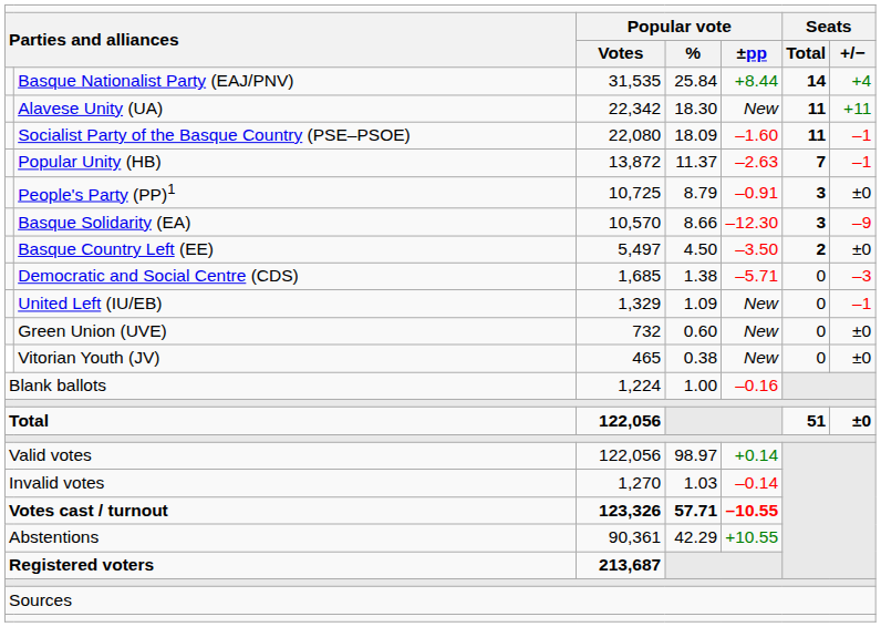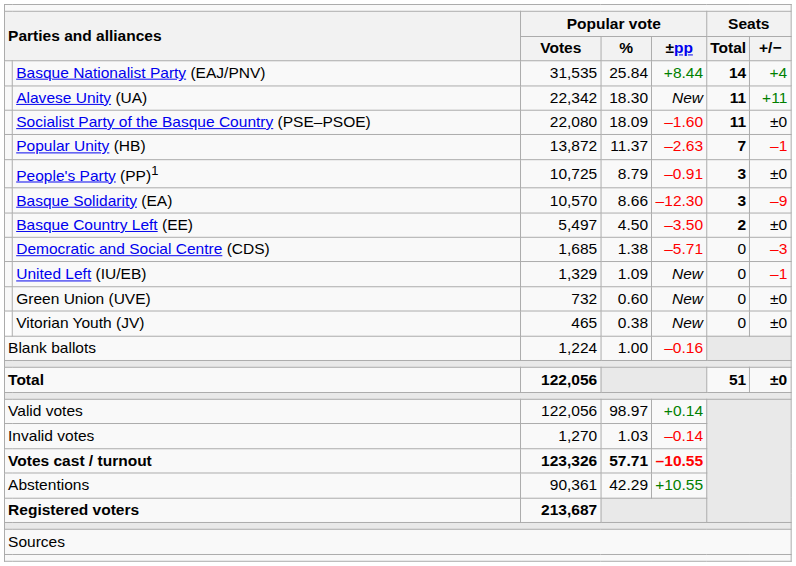 <table class="wikitable" style="text-align:right;">
 <tr>
 <td colspan="7"></td>
 </tr>
 <tr>
 <th style="text-align:left;" rowspan="2" colspan="2" width="525">Parties and alliances</th>
 <th colspan="3">Popular vote</th>
 <th colspan="2">Seats</th>
 </tr>
 <tr>
 <th width="75">Votes</th>
 <th width="45">%</th>
 <th width="45">±<a href='#'>pp</a></th>
 <th width="35">Total</th>
 <th width="35">+/−</th>
 </tr>
 <tr>
 <td width="1" style="color:inherit;background:"></td>
 <td align="left"><a href='#'>Basque Nationalist Party</a> (EAJ/PNV)</td>
 <td>31,535</td>
 <td>25.84</td>
 <td style="color:green;">+8.44</td>
 <td><strong>14</strong></td>
 <td style="color:green;">+4</td>
 </tr>
 <tr>
 <td style="color:inherit;background:"></td>
 <td align="left"><a href='#'>Alavese Unity</a> (UA)</td>
 <td>22,342</td>
 <td>18.30</td>
 <td><em>New</em></td>
 <td><strong>11</strong></td>
 <td style="color:green;">+11</td>
 </tr>
 <tr>
 <td style="color:inherit;background:"></td>
 <td align="left"><a href='#'>Socialist Party of the Basque Country</a> (PSE–PSOE)</td>
 <td>22,080</td>
 <td>18.09</td>
 <td style="color:red;">–1.60</td>
 <td><strong>11</strong></td>
-<td style="color:red;">–1</td>
+<td>±0</td>
 </tr>
 <tr>
 <td style="color:inherit;background:"></td>
 <td align="left"><a href='#'>Popular Unity</a> (HB)</td>
 <td>13,872</td>
 <td>11.37</td>
 <td style="color:red;">–2.63</td>
 <td><strong>7</strong></td>
 <td style="color:red;">–1</td>
 </tr>
 <tr>
 <td style="color:inherit;background:"></td>
 <td align="left"><a href='#'>People's Party</a> (PP)<sup>1</sup></td>
 <td>10,725</td>
 <td>8.79</td>
 <td style="color:red;">–0.91</td>
 <td><strong>3</strong></td>
 <td>±0</td>
 </tr>
 <tr>
 <td style="color:inherit;background:"></td>
 <td align="left"><a href='#'>Basque Solidarity</a> (EA)</td>
 <td>10,570</td>
 <td>8.66</td>
 <td style="color:red;">–12.30</td>
 <td><strong>3</strong></td>
 <td style="color:red;">–9</td>
 </tr>
 <tr>
 <td style="color:inherit;background:"></td>
 <td align="left"><a href='#'>Basque Country Left</a> (EE)</td>
 <td>5,497</td>
 <td>4.50</td>
 <td style="color:red;">–3.50</td>
 <td><strong>2</strong></td>
 <td>±0</td>
 </tr>
 <tr>
 <td style="color:inherit;background:"></td>
 <td align="left"><a href='#'>Democratic and Social Centre</a> (CDS)</td>
 <td>1,685</td>
 <td>1.38</td>
 <td style="color:red;">–5.71</td>
 <td>0</td>
 <td style="color:red;">–3</td>
 </tr>
 <tr>
 <td style="color:inherit;background:"></td>
 <td align="left"><a href='#'>United Left</a> (IU/EB)</td>
 <td>1,329</td>
 <td>1.09</td>
 <td><em>New</em></td>
 <td>0</td>
 <td style="color:red;">–1</td>
 </tr>
 <tr>
 <td style="color:inherit;background:"></td>
 <td align="left">Green Union (UVE)</td>
 <td>732</td>
 <td>0.60</td>
 <td><em>New</em></td>
 <td>0</td>
 <td>±0</td>
 </tr>
 <tr>
 <td bgcolor="white"></td>
 <td align="left">Vitorian Youth (JV)</td>
 <td>465</td>
 <td>0.38</td>
 <td><em>New</em></td>
 <td>0</td>
 <td>±0</td>
 </tr>
 <tr>
 <td align="left" colspan="2">Blank ballots</td>
 <td>1,224</td>
 <td>1.00</td>
 <td style="color:red;">–0.16</td>
 <td bgcolor="#E9E9E9" colspan="2"></td>
 </tr>
 <tr>
 <td colspan="7" bgcolor="#E9E9E9"></td>
 </tr>
 <tr style="font-weight:bold;">
 <td align="left" colspan="2">Total</td>
 <td>122,056</td>
 <td bgcolor="#E9E9E9" colspan="2"></td>
 <td>51</td>
 <td>±0</td>
 </tr>
 <tr>
 <td colspan="7" bgcolor="#E9E9E9"></td>
 </tr>
 <tr>
 <td align="left" colspan="2">Valid votes</td>
 <td>122,056</td>
 <td>98.97</td>
 <td style="color:green;">+0.14</td>
 <td bgcolor="#E9E9E9" colspan="2" rowspan="5"></td>
 </tr>
 <tr>
 <td align="left" colspan="2">Invalid votes</td>
 <td>1,270</td>
 <td>1.03</td>
 <td style="color:red;">–0.14</td>
 </tr>
 <tr style="font-weight:bold;">
 <td align="left" colspan="2">Votes cast / turnout</td>
 <td>123,326</td>
 <td>57.71</td>
 <td style="color:red;">–10.55</td>
 </tr>
 <tr>
 <td align="left" colspan="2">Abstentions</td>
 <td>90,361</td>
 <td>42.29</td>
 <td style="color:green;">+10.55</td>
 </tr>
 <tr style="font-weight:bold;">
 <td align="left" colspan="2">Registered voters</td>
 <td>213,687</td>
 <td bgcolor="#E9E9E9" colspan="2"></td>
 </tr>
 <tr>
 <td colspan="7" bgcolor="#E9E9E9"></td>
 </tr>
 <tr>
 <td align="left" colspan="7">Sources</td>
 </tr>
 <tr>
 <td colspan="7" style="text-align:left; max-width:790px;"></td>
 </tr>
 </table>
